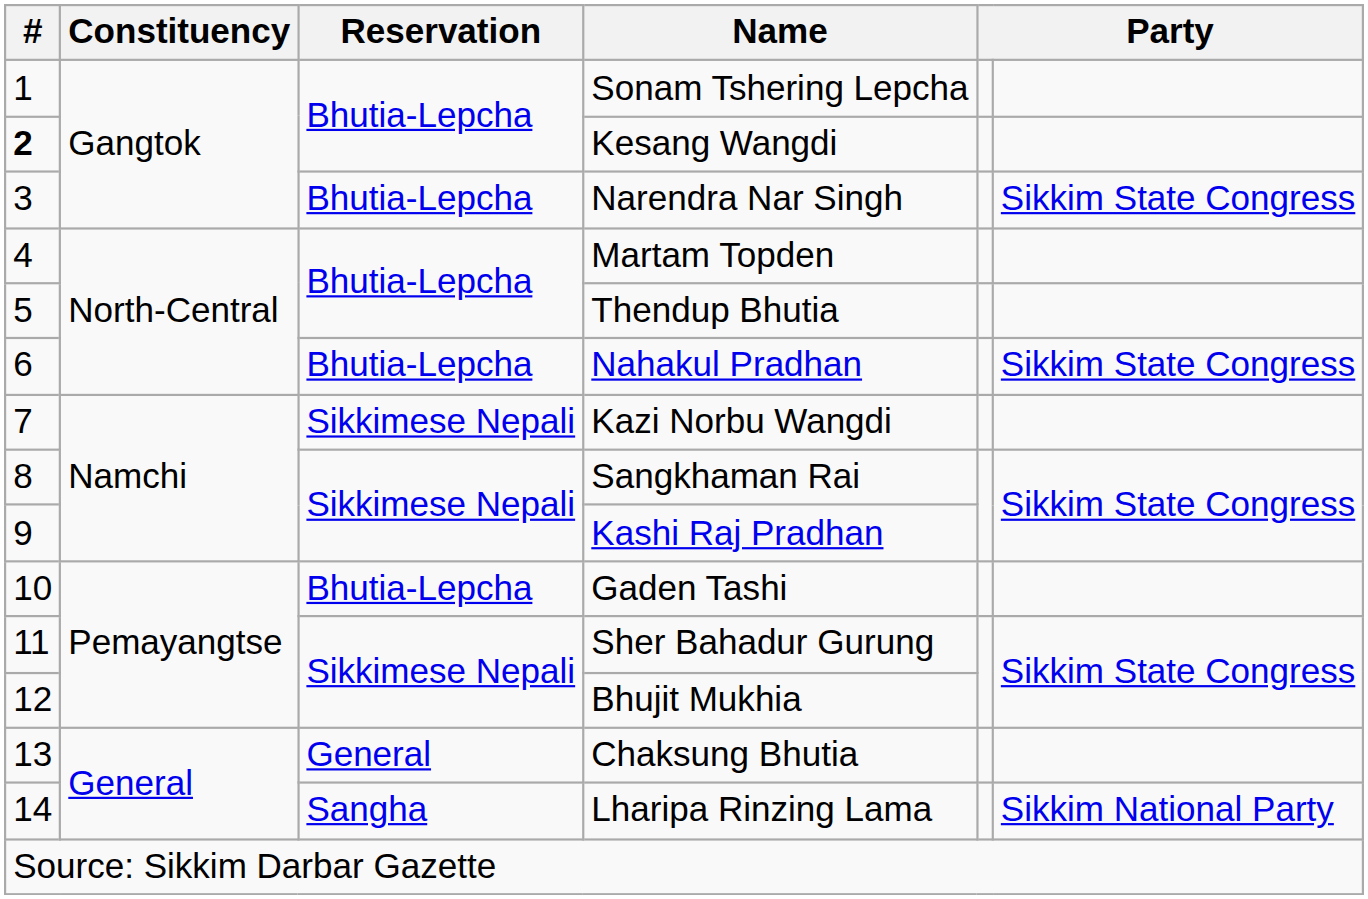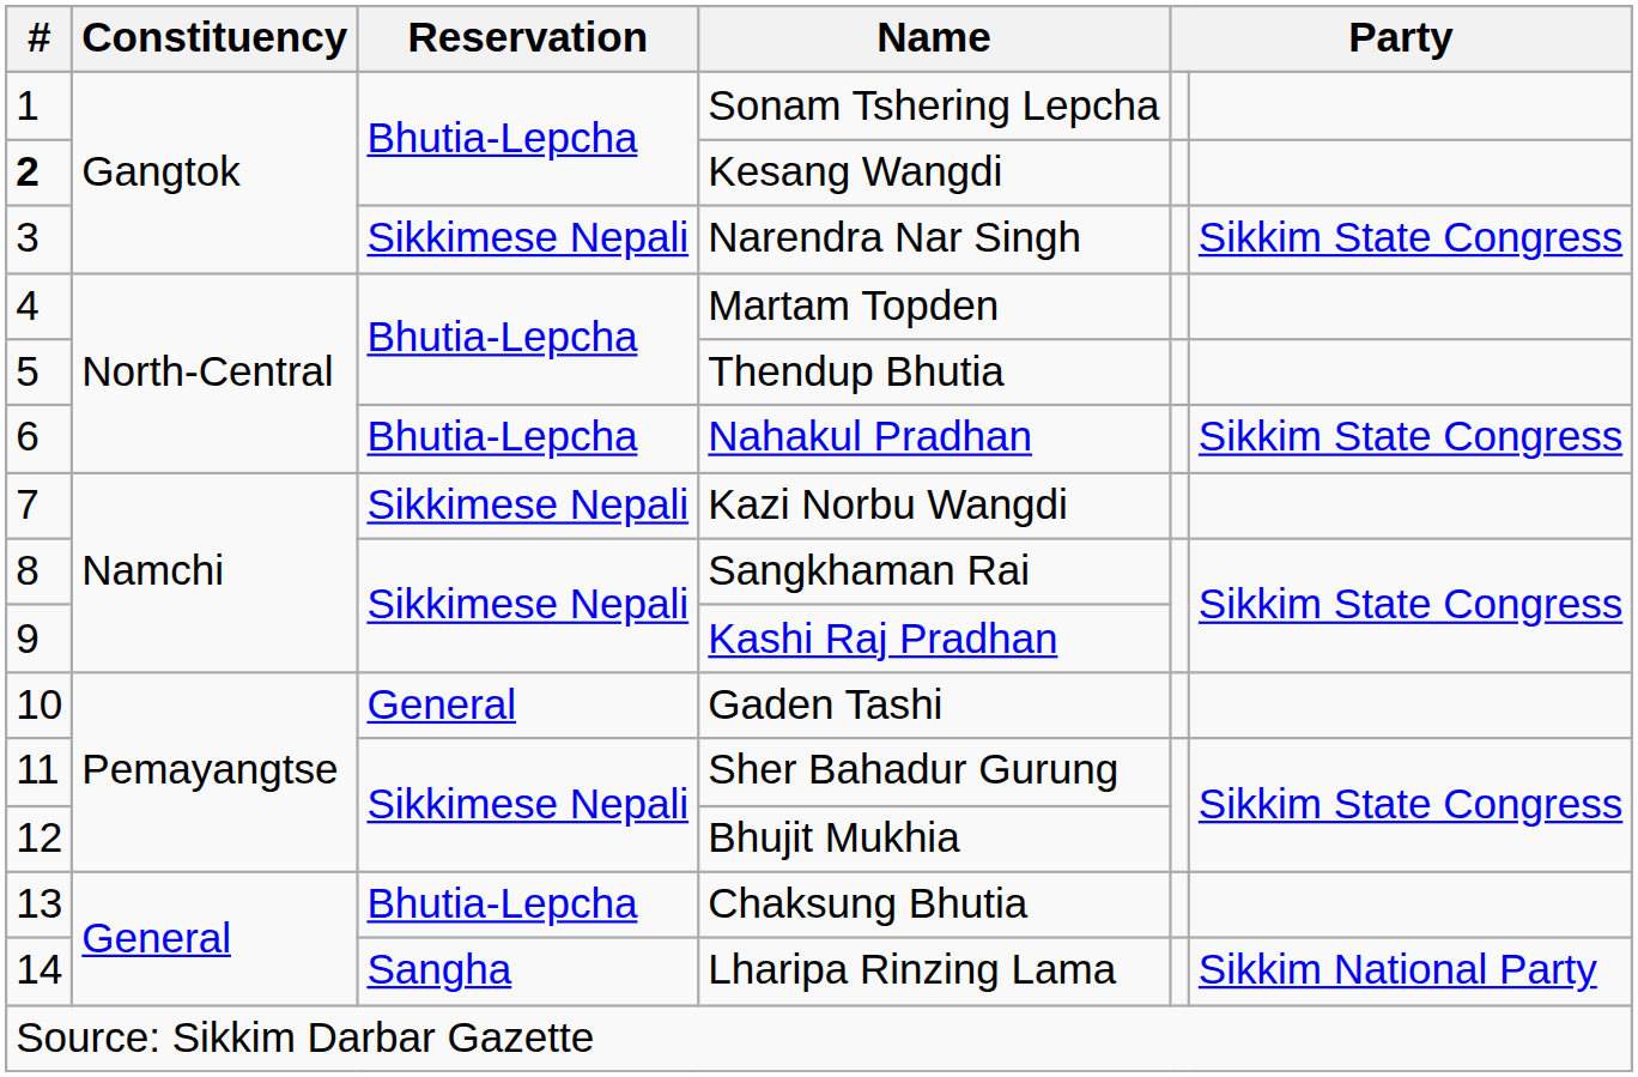 <table class="wikitable sortable">
 <tr>
 <th>#</th>
 <th>Constituency</th>
 <th>Reservation</th>
 <th>Name</th>
 <th colspan=2>Party</th>
 </tr>
 <tr>
 <td>1</td>
 <td rowspan=3>Gangtok</td>
 <td rowspan=2><a href='#'>Bhutia-Lepcha</a></td>
 <td>Sonam Tshering Lepcha</td>
 <td></td>
 <td></td>
 </tr>
 <tr>
 <td><strong>2</strong></td>
 <td>Kesang Wangdi</td>
 <td></td>
 <td></td>
 </tr>
 <tr>
 <td>3</td>
-<td><a href='#'>Bhutia-Lepcha</a></td>
+<td><a href='#'>Sikkimese Nepali</a></td>
 <td>Narendra Nar Singh</td>
 <td style="background-color: "></td>
 <td><a href='#'>Sikkim State Congress</a></td>
 </tr>
 <tr>
 <td>4</td>
 <td rowspan=3>North-Central</td>
 <td rowspan=2><a href='#'>Bhutia-Lepcha</a></td>
 <td>Martam Topden</td>
 <td></td>
 <td></td>
 </tr>
 <tr>
 <td>5</td>
 <td>Thendup Bhutia</td>
 <td></td>
 <td></td>
 </tr>
 <tr>
 <td>6</td>
 <td><a href='#'>Bhutia-Lepcha</a></td>
 <td><a href='#'>Nahakul Pradhan</a></td>
 <td style="background-color: "></td>
 <td><a href='#'>Sikkim State Congress</a></td>
 </tr>
 <tr>
 <td>7</td>
 <td rowspan=3>Namchi</td>
 <td><a href='#'>Sikkimese Nepali</a></td>
 <td>Kazi Norbu Wangdi</td>
 <td></td>
 <td></td>
 </tr>
 <tr>
 <td>8</td>
 <td rowspan=2><a href='#'>Sikkimese Nepali</a></td>
 <td>Sangkhaman Rai</td>
 <td rowspan=2 style="background-color: "></td>
 <td rowspan=2><a href='#'>Sikkim State Congress</a></td>
 </tr>
 <tr>
 <td>9</td>
 <td><a href='#'>Kashi Raj Pradhan</a></td>
 </tr>
 <tr>
 <td>10</td>
 <td rowspan=3>Pemayangtse</td>
-<td><a href='#'>Bhutia-Lepcha</a></td>
+<td><a href='#'>General</a></td>
 <td>Gaden Tashi</td>
 <td></td>
 <td></td>
 </tr>
 <tr>
 <td>11</td>
 <td rowspan=2><a href='#'>Sikkimese Nepali</a></td>
 <td>Sher Bahadur Gurung</td>
 <td rowspan=2 style="background-color: "></td>
 <td rowspan=2><a href='#'>Sikkim State Congress</a></td>
 </tr>
 <tr>
 <td>12</td>
 <td>Bhujit Mukhia</td>
 </tr>
 <tr>
 <td>13</td>
 <td rowspan=2><a href='#'>General</a></td>
-<td><a href='#'>General</a></td>
+<td><a href='#'>Bhutia-Lepcha</a></td>
 <td>Chaksung Bhutia</td>
 <td></td>
 <td></td>
 </tr>
 <tr>
 <td>14</td>
 <td><a href='#'>Sangha</a></td>
 <td>Lharipa Rinzing Lama</td>
 <td style="background-color: "></td>
 <td><a href='#'>Sikkim National Party</a></td>
 </tr>
 <tr class="sortbottom">
 <td colspan=6>Source: Sikkim Darbar Gazette</td>
 </tr>
 </table>
